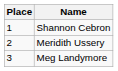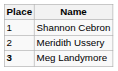 <table class="wikitable">
 <tr>
 <th>Place</th>
 <th>Name</th>
 </tr>
 <tr>
 <td>1</td>
 <td> Shannon Cebron</td>
 </tr>
 <tr>
 <td>2</td>
 <td> Meridith Ussery</td>
 </tr>
 <tr>
-<td>3</td>
+<td><strong>3</strong></td>
 <td> Meg Landymore</td>
 </tr>
 </table>
